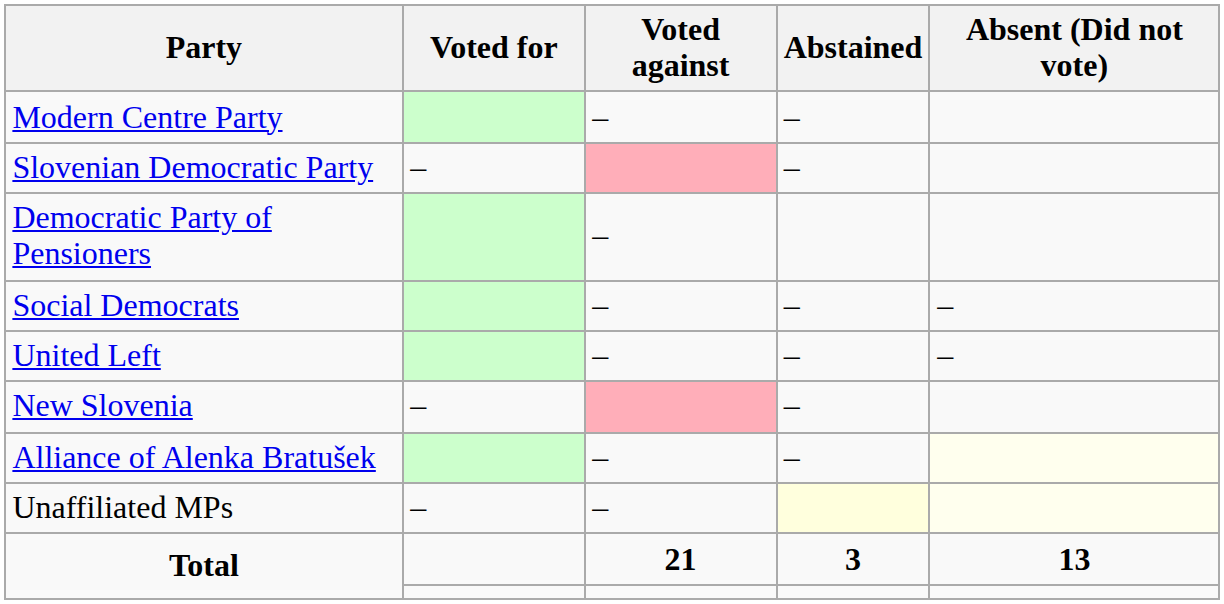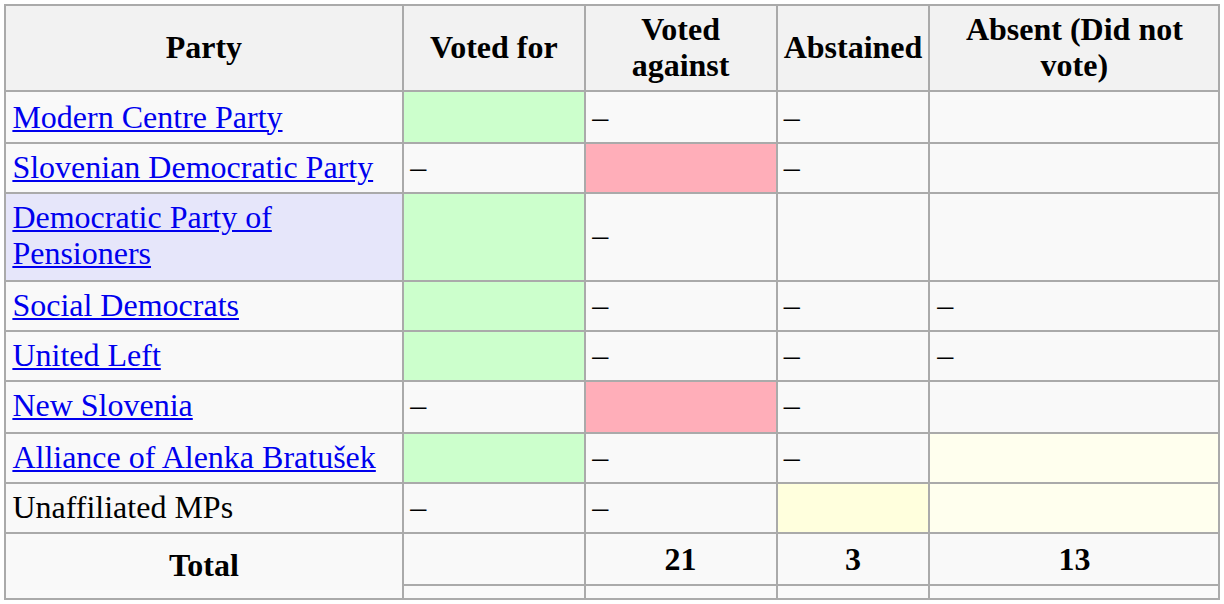 <table class="wikitable">
 <tr>
 <th>Party</th>
 <th style="width:15%;">Voted for</th>
 <th>Voted against</th>
 <th>Abstained</th>
 <th>Absent (Did not vote)</th>
 </tr>
 <tr>
 <td> <a href='#'>Modern Centre Party</a></td>
 <td style="background-color:#CCFFCC;"></td>
 <td>–</td>
 <td>–</td>
 <td></td>
 </tr>
 <tr>
 <td> <a href='#'>Slovenian Democratic Party</a></td>
 <td>–</td>
 <td style="background-color:#FFAEB9;"></td>
 <td>–</td>
 <td></td>
 </tr>
 <tr>
-<td> <a href='#'>Democratic Party of Pensioners</a></td>
+<td style="background: lavender;"> <a href='#'>Democratic Party of Pensioners</a></td>
 <td style="background-color:#CCFFCC;"></td>
 <td>–</td>
 <td></td>
 <td></td>
 </tr>
 <tr>
 <td> <a href='#'>Social Democrats</a></td>
 <td style="background-color:#CCFFCC;"></td>
 <td>–</td>
 <td>–</td>
 <td>–</td>
 </tr>
 <tr>
 <td> <a href='#'>United Left</a></td>
 <td style="background-color:#CCFFCC;"></td>
 <td>–</td>
 <td>–</td>
 <td>–</td>
 </tr>
 <tr>
 <td> <a href='#'>New Slovenia</a></td>
 <td>–</td>
 <td style="background-color:#FFAEB9;"></td>
 <td>–</td>
 <td></td>
 </tr>
 <tr>
 <td> <a href='#'>Alliance of Alenka Bratušek</a></td>
 <td style="background-color:#CCFFCC;"></td>
 <td>–</td>
 <td>–</td>
 <td style="background-color:#FFE;"></td>
 </tr>
 <tr>
 <td> Unaffiliated MPs</td>
 <td>–</td>
 <td>–</td>
 <td style="background-color:#FFD;"></td>
 <td style="background-color:#FFE;"></td>
 </tr>
 <tr>
 <td style="text-align:center;" rowspan="2"><strong>Total</strong></td>
 <td></td>
 <td style="text-align:center;"><strong>21</strong></td>
 <td style="text-align:center;"><strong>3</strong></td>
 <td style="text-align:center;"><strong>13</strong></td>
 </tr>
 <tr>
 <td style="text-align:center;"></td>
 <td style="text-align:center;"></td>
 <td style="text-align:center;"></td>
 <td style="text-align:center;"></td>
 </tr>
 </table>
